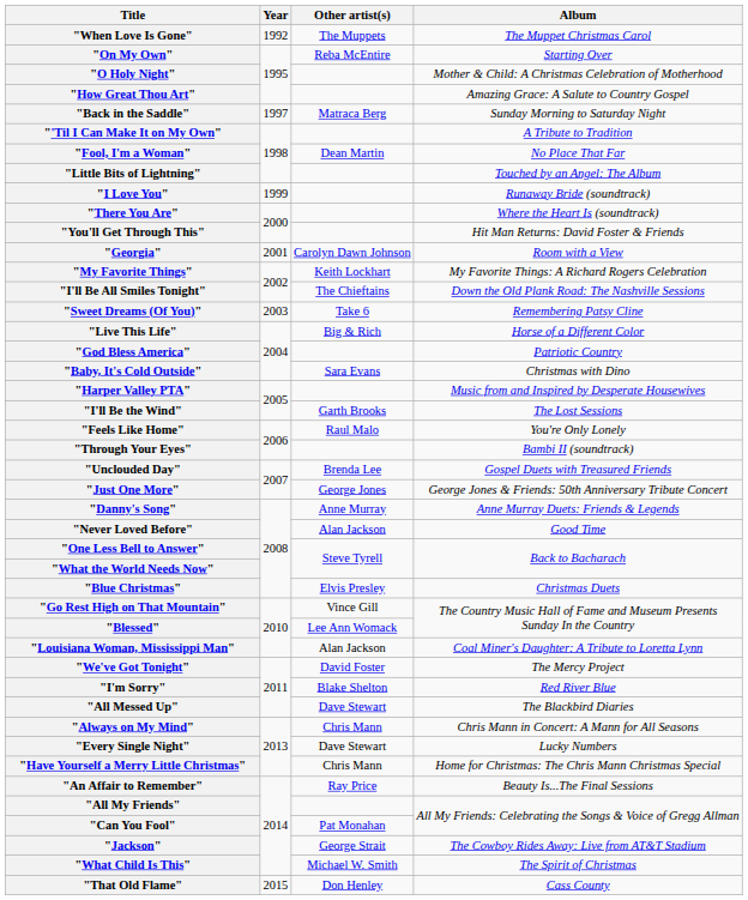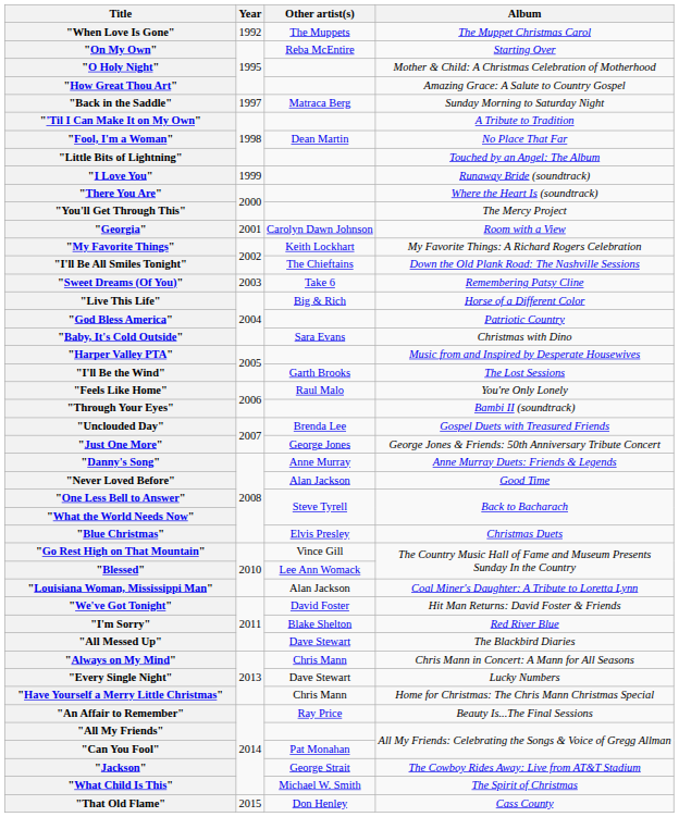 <table class="wikitable plainrowheaders" style="text-align:center;">
 <tr>
 <th scope="col" style="width:20em;">Title</th>
 <th scope="col">Year</th>
 <th scope="col">Other artist(s)</th>
 <th scope="col">Album</th>
 </tr>
 <tr>
 <th scope="row">"When Love Is Gone"</th>
 <td>1992</td>
 <td><a href='#'>The Muppets</a></td>
 <td><em><a href='#'>The Muppet Christmas Carol</a></em></td>
 </tr>
 <tr>
 <th scope="row">"<a href='#'>On My Own</a>"<br></th>
 <td rowspan="3">1995</td>
 <td><a href='#'>Reba McEntire</a></td>
 <td><em><a href='#'>Starting Over</a></em></td>
 </tr>
 <tr>
 <th scope="row">"<a href='#'>O Holy Night</a>"</th>
 <td></td>
 <td><em>Mother & Child: A Christmas Celebration of Motherhood</em></td>
 </tr>
 <tr>
 <th scope="row">"<a href='#'>How Great Thou Art</a>"</th>
 <td></td>
 <td><em>Amazing Grace: A Salute to Country Gospel</em></td>
 </tr>
 <tr>
 <th scope="row">"Back in the Saddle"<br></th>
 <td>1997</td>
 <td><a href='#'>Matraca Berg</a></td>
 <td><em>Sunday Morning to Saturday Night</em></td>
 </tr>
 <tr>
 <th scope="row">"<a href='#'>'Til I Can Make It on My Own</a>"</th>
 <td rowspan="3">1998</td>
 <td></td>
 <td><em><a href='#'>A Tribute to Tradition</a></em></td>
 </tr>
 <tr>
 <th scope="row">"<a href='#'>Fool, I'm a Woman</a>"</th>
 <td><a href='#'>Dean Martin</a></td>
 <td><em><a href='#'>No Place That Far</a></em></td>
 </tr>
 <tr>
 <th scope="row">"Little Bits of Lightning"</th>
 <td></td>
 <td><em><a href='#'>Touched by an Angel: The Album</a></em></td>
 </tr>
 <tr>
 <th scope="row">"<a href='#'>I Love You</a>"</th>
 <td>1999</td>
 <td></td>
 <td><em><a href='#'>Runaway Bride</a> (soundtrack)</em></td>
 </tr>
 <tr>
 <th scope="row">"<a href='#'>There You Are</a>"</th>
 <td rowspan="2">2000</td>
 <td></td>
 <td><em><a href='#'>Where the Heart Is</a> (soundtrack)</em></td>
 </tr>
 <tr>
 <th scope="row">"You'll Get Through This"</th>
 <td></td>
-<td><em>Hit Man Returns: David Foster & Friends</em></td>
+<td><em>The Mercy Project</em></td>
 </tr>
 <tr>
 <th scope="row">"<a href='#'>Georgia</a>"</th>
 <td>2001</td>
 <td><a href='#'>Carolyn Dawn Johnson</a></td>
 <td><em><a href='#'>Room with a View</a></em></td>
 </tr>
 <tr>
 <th scope="row">"<a href='#'>My Favorite Things</a>"</th>
 <td rowspan="2">2002</td>
 <td><a href='#'>Keith Lockhart</a></td>
 <td><em>My Favorite Things: A Richard Rogers Celebration</em></td>
 </tr>
 <tr>
 <th scope="row">"I'll Be All Smiles Tonight"</th>
 <td><a href='#'>The Chieftains</a></td>
 <td><em><a href='#'>Down the Old Plank Road: The Nashville Sessions</a></em></td>
 </tr>
 <tr>
 <th scope="row">"<a href='#'>Sweet Dreams (Of You)</a>"</th>
 <td>2003</td>
 <td><a href='#'>Take 6</a></td>
 <td><em><a href='#'>Remembering Patsy Cline</a></em></td>
 </tr>
 <tr>
 <th scope="row">"Live This Life"</th>
 <td rowspan="3">2004</td>
 <td><a href='#'>Big & Rich</a></td>
 <td><em><a href='#'>Horse of a Different Color</a></em></td>
 </tr>
 <tr>
 <th scope="row">"<a href='#'>God Bless America</a>"</th>
 <td></td>
 <td><em><a href='#'>Patriotic Country</a></em></td>
 </tr>
 <tr>
 <th scope="row">"<a href='#'>Baby, It's Cold Outside</a>"</th>
 <td><a href='#'>Sara Evans</a></td>
 <td><em>Christmas with Dino</em></td>
 </tr>
 <tr>
 <th scope="row">"<a href='#'>Harper Valley PTA</a>"</th>
 <td rowspan="2">2005</td>
 <td></td>
 <td><em><a href='#'>Music from and Inspired by Desperate Housewives</a></em></td>
 </tr>
 <tr>
 <th scope="row">"I'll Be the Wind"</th>
 <td><a href='#'>Garth Brooks</a></td>
 <td><em><a href='#'>The Lost Sessions</a></em></td>
 </tr>
 <tr>
 <th scope="row">"Feels Like Home"</th>
 <td rowspan="2">2006</td>
 <td><a href='#'>Raul Malo</a></td>
 <td><em>You're Only Lonely</em></td>
 </tr>
 <tr>
 <th scope="row">"Through Your Eyes"</th>
 <td></td>
 <td><em><a href='#'>Bambi II</a> (soundtrack)</em></td>
 </tr>
 <tr>
 <th scope="row">"Unclouded Day"</th>
 <td rowspan="2">2007</td>
 <td><a href='#'>Brenda Lee</a></td>
 <td><em><a href='#'>Gospel Duets with Treasured Friends</a></em></td>
 </tr>
 <tr>
 <th scope="row">"<a href='#'>Just One More</a>"</th>
 <td><a href='#'>George Jones</a></td>
 <td><em>George Jones & Friends: 50th Anniversary Tribute Concert</em></td>
 </tr>
 <tr>
 <th scope="row">"<a href='#'>Danny's Song</a>"</th>
 <td rowspan="5">2008</td>
 <td><a href='#'>Anne Murray</a></td>
 <td><em><a href='#'>Anne Murray Duets: Friends & Legends</a></em></td>
 </tr>
 <tr>
 <th scope="row">"Never Loved Before"</th>
 <td><a href='#'>Alan Jackson</a></td>
 <td><em><a href='#'>Good Time</a></em></td>
 </tr>
 <tr>
 <th scope="row">"<a href='#'>One Less Bell to Answer</a>"<br></th>
 <td rowspan="2"><a href='#'>Steve Tyrell</a></td>
 <td rowspan="2"><em><a href='#'>Back to Bacharach</a></em></td>
 </tr>
 <tr>
 <th scope="row">"<a href='#'>What the World Needs Now</a>"<br></th>
 </tr>
 <tr>
 <th scope="row">"<a href='#'>Blue Christmas</a>"</th>
 <td><a href='#'>Elvis Presley</a></td>
 <td><em><a href='#'>Christmas Duets</a></em></td>
 </tr>
 <tr>
 <th scope="row">"<a href='#'>Go Rest High on That Mountain</a>"</th>
 <td rowspan="3">2010</td>
 <td>Vince Gill</td>
 <td rowspan="2"><em>The Country Music Hall of Fame and Museum Presents<br>Sunday In the Country</em></td>
 </tr>
 <tr>
 <th scope="row">"<a href='#'>Blessed</a>"</th>
 <td><a href='#'>Lee Ann Womack</a></td>
 </tr>
 <tr>
 <th scope="row">"<a href='#'>Louisiana Woman, Mississippi Man</a>"</th>
 <td>Alan Jackson</td>
 <td><em><a href='#'>Coal Miner's Daughter: A Tribute to Loretta Lynn</a></em></td>
 </tr>
 <tr>
 <th scope="row">"<a href='#'>We've Got Tonight</a>"</th>
 <td rowspan="3">2011</td>
 <td><a href='#'>David Foster</a></td>
-<td><em>The Mercy Project</em></td>
+<td><em>Hit Man Returns: David Foster & Friends</em></td>
 </tr>
 <tr>
 <th scope="row">"I'm Sorry"</th>
 <td><a href='#'>Blake Shelton</a></td>
 <td><em><a href='#'>Red River Blue</a></em></td>
 </tr>
 <tr>
 <th scope="row">"All Messed Up"</th>
 <td><a href='#'>Dave Stewart</a></td>
 <td><em>The Blackbird Diaries</em></td>
 </tr>
 <tr>
 <th scope="row">"<a href='#'>Always on My Mind</a>"</th>
 <td rowspan="3">2013</td>
 <td><a href='#'>Chris Mann</a></td>
 <td><em>Chris Mann in Concert: A Mann for All Seasons</em></td>
 </tr>
 <tr>
 <th scope="row">"Every Single Night"</th>
 <td>Dave Stewart</td>
 <td><em>Lucky Numbers</em></td>
 </tr>
 <tr>
 <th scope="row">"<a href='#'>Have Yourself a Merry Little Christmas</a>"</th>
 <td>Chris Mann</td>
 <td><em>Home for Christmas: The Chris Mann Christmas Special</em></td>
 </tr>
 <tr>
 <th scope="row">"An Affair to Remember"</th>
 <td rowspan="5">2014</td>
 <td><a href='#'>Ray Price</a></td>
 <td><em>Beauty Is...The Final Sessions</em></td>
 </tr>
 <tr>
 <th scope="row">"All My Friends"</th>
 <td></td>
 <td rowspan="2"><em>All My Friends: Celebrating the Songs & Voice of Gregg Allman</em></td>
 </tr>
 <tr>
 <th scope="row">"Can You Fool"</th>
 <td><a href='#'>Pat Monahan</a></td>
 </tr>
 <tr>
 <th scope="row">"<a href='#'>Jackson</a>"</th>
 <td><a href='#'>George Strait</a></td>
 <td><em><a href='#'>The Cowboy Rides Away: Live from AT&T Stadium</a></em></td>
 </tr>
 <tr>
 <th scope="row">"<a href='#'>What Child Is This</a>"</th>
 <td><a href='#'>Michael W. Smith</a></td>
 <td><em><a href='#'>The Spirit of Christmas</a></em></td>
 </tr>
 <tr>
 <th scope="row">"That Old Flame"</th>
 <td>2015</td>
 <td><a href='#'>Don Henley</a></td>
 <td><em><a href='#'>Cass County</a></em></td>
 </tr>
 </table>
